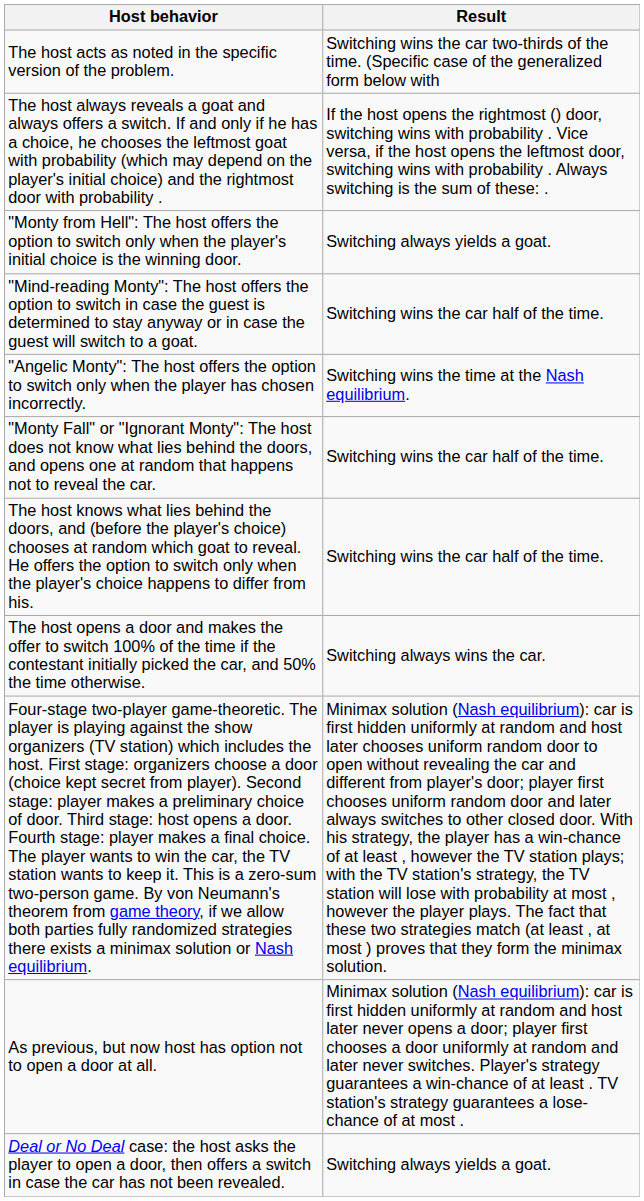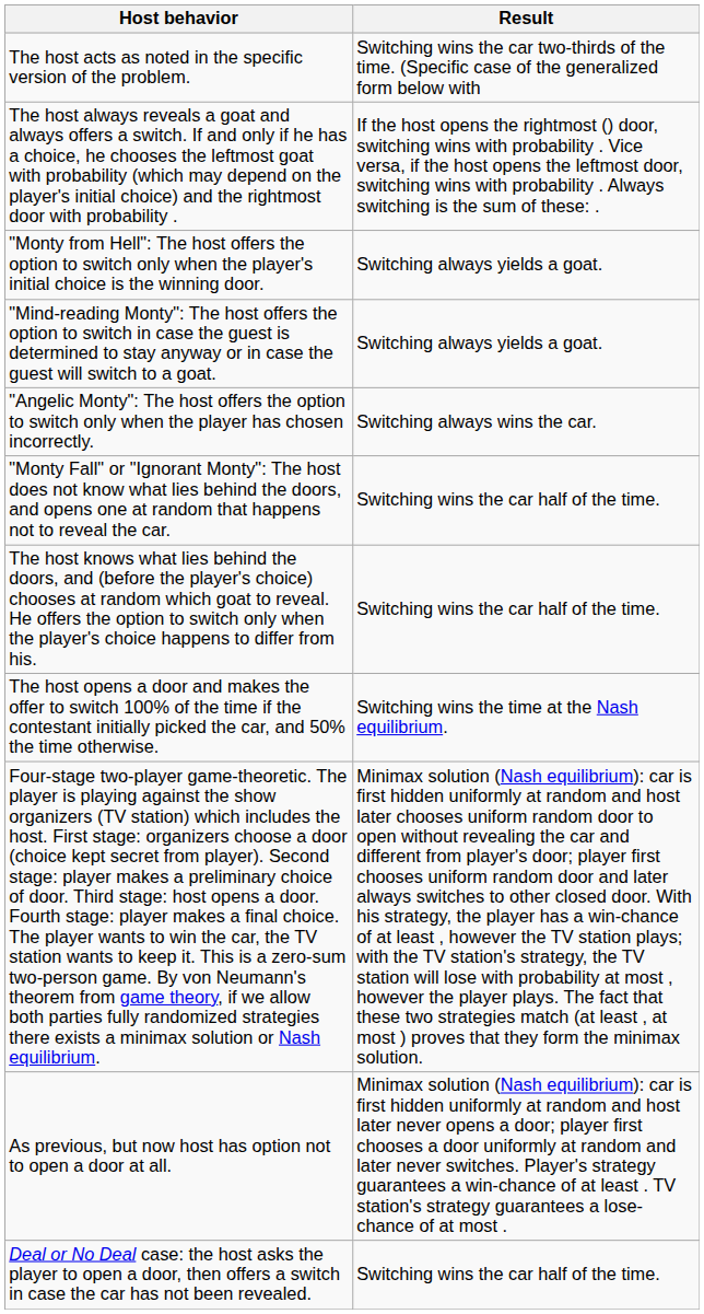 <table class="wikitable" style="width:100%;">
 <tr>
 <th scope="col">Host behavior</th>
 <th scope="col">Result</th>
 </tr>
 <tr>
 <td>The host acts as noted in the specific version of the problem.</td>
 <td>Switching wins the car two-thirds of the time. (Specific case of the generalized form below with </td>
 </tr>
 <tr>
 <td>The host always reveals a goat and always offers a switch. If and only if he has a choice, he chooses the leftmost goat with probability  (which may depend on the player's initial choice) and the rightmost door with probability .</td>
 <td>If the host opens the rightmost () door, switching wins with probability . Vice versa, if the host opens the leftmost door, switching wins with probability . Always switching is the sum of these: .</td>
 </tr>
 <tr>
 <td>"Monty from Hell": The host offers the option to switch only when the player's initial choice is the winning door.</td>
 <td>Switching always yields a goat.</td>
 </tr>
 <tr>
 <td>"Mind-reading Monty": The host offers the option to switch in case the guest is determined to stay anyway or in case the guest will switch to a goat.</td>
-<td>Switching wins the car half of the time.</td>
+<td>Switching always yields a goat.</td>
 </tr>
 <tr>
 <td>"Angelic Monty": The host offers the option to switch only when the player has chosen incorrectly.</td>
-<td>Switching wins  the time at the <a href='#'>Nash equilibrium</a>.</td>
+<td>Switching always wins the car.</td>
 </tr>
 <tr>
 <td>"Monty Fall" or "Ignorant Monty": The host does not know what lies behind the doors, and opens one at random that happens not to reveal the car.</td>
 <td>Switching wins the car half of the time.</td>
 </tr>
 <tr>
 <td>The host knows what lies behind the doors, and (before the player's choice) chooses at random which goat to reveal. He offers the option to switch only when the player's choice happens to differ from his.</td>
 <td>Switching wins the car half of the time.</td>
 </tr>
 <tr>
 <td>The host opens a door and makes the offer to switch 100% of the time if the contestant initially picked the car, and 50% the time otherwise.</td>
-<td>Switching always wins the car.</td>
+<td>Switching wins  the time at the <a href='#'>Nash equilibrium</a>.</td>
 </tr>
 <tr>
 <td>Four-stage two-player game-theoretic. The player is playing against the show organizers (TV station) which includes the host. First stage: organizers choose a door (choice kept secret from player). Second stage: player makes a preliminary choice of door. Third stage: host opens a door. Fourth stage: player makes a final choice. The player wants to win the car, the TV station wants to keep it. This is a zero-sum two-person game. By von Neumann's theorem from <a href='#'>game theory</a>, if we allow both parties fully randomized strategies there exists a minimax solution or <a href='#'>Nash equilibrium</a>.</td>
 <td>Minimax solution (<a href='#'>Nash equilibrium</a>): car is first hidden uniformly at random and host later chooses uniform random door to open without revealing the car and different from player's door; player first chooses uniform random door and later always switches to other closed door. With his strategy, the player has a win-chance of at least , however the TV station plays; with the TV station's strategy, the TV station will lose with probability at most , however the player plays. The fact that these two strategies match (at least , at most ) proves that they form the minimax solution.</td>
 </tr>
 <tr>
 <td>As previous, but now host has option not to open a door at all.</td>
 <td>Minimax solution (<a href='#'>Nash equilibrium</a>): car is first hidden uniformly at random and host later never opens a door; player first chooses a door uniformly at random and later never switches. Player's strategy guarantees a win-chance of at least . TV station's strategy guarantees a lose-chance of at most .</td>
 </tr>
 <tr>
 <td><em><a href='#'>Deal or No Deal</a></em> case: the host asks the player to open a door, then offers a switch in case the car has not been revealed.</td>
-<td>Switching always yields a goat.</td>
+<td>Switching wins the car half of the time.</td>
 </tr>
 </table>
